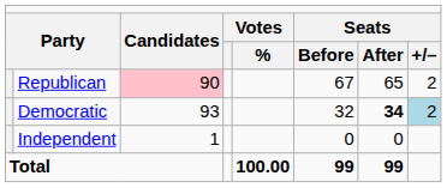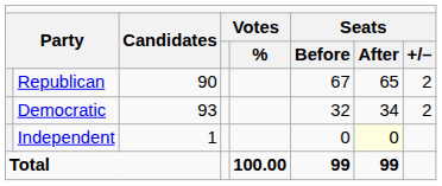 <table class="wikitable">
 <tr>
 <td colspan=13 align=center></td>
 </tr>
 <tr>
 <th rowspan="2" colspan="2">Party</th>
 <th rowspan="2">Candidates</th>
 <th colspan="2">Votes</th>
 <th colspan="3">Seats</th>
 </tr>
 <tr>
 <th></th>
 <th>%</th>
 <th>Before</th>
 <th>After</th>
 <th>+/–</th>
 </tr>
 <tr>
 <th style="background-color:"></th>
 <td><a href='#'>Republican</a></td>
-<td align="right" style="background: pink;">90</td>
+<td align="right">90</td>
 <td align="right"></td>
 <td align="right"></td>
 <td align="right" >67</td>
 <td align="right" >65</td>
 <td align="right"> 2</td>
 </tr>
 <tr>
 <th style="background-color:"></th>
 <td><a href='#'>Democratic</a></td>
 <td align="right">93</td>
 <td align="right"></td>
 <td align="right"></td>
 <td align="right">32</td>
-<td align="right"><strong>34</strong></td>
-<td align="right" style="background: lightblue;"> 2</td>
+<td align="right">34</td>
+<td align="right"> 2</td>
 </tr>
 <tr>
 <th style="background-color:"></th>
 <td><a href='#'>Independent</a></td>
 <td align="right">1</td>
 <td align="right"></td>
 <td align="right"></td>
 <td align="right">0</td>
-<td align="right">0</td>
+<td align="right" style="background: lightyellow;">0</td>
 <td align="right"></td>
 </tr>
 <tr>
 <td colspan="3" align="left"><strong>Total</strong></td>
 <td align="right"></td>
 <td align="right"><strong>100.00</strong></td>
 <td align="right"><strong>99</strong></td>
 <td align="right"><strong>99</strong></td>
 <td align="right"></td>
 </tr>
 </table>
